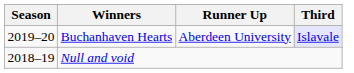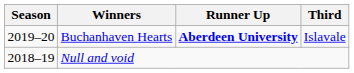 <table class="wikitable">
 <tr>
 <th>Season</th>
 <th>Winners</th>
 <th>Runner Up</th>
 <th>Third</th>
 </tr>
 <tr>
 <td style="text-align:left;">2019–20</td>
 <td><a href='#'>Buchanhaven Hearts</a></td>
-<td><a href='#'>Aberdeen University</a></td>
-<td style="background: lavender;"><a href='#'>Islavale</a></td>
+<td><strong><a href='#'>Aberdeen University</a></strong></td>
+<td><a href='#'>Islavale</a></td>
 </tr>
 <tr>
 <td style="text-align:left;">2018–19</td>
 <td colspan=3><em><a href='#'>Null and void</a></em></td>
 </tr>
 </table>
